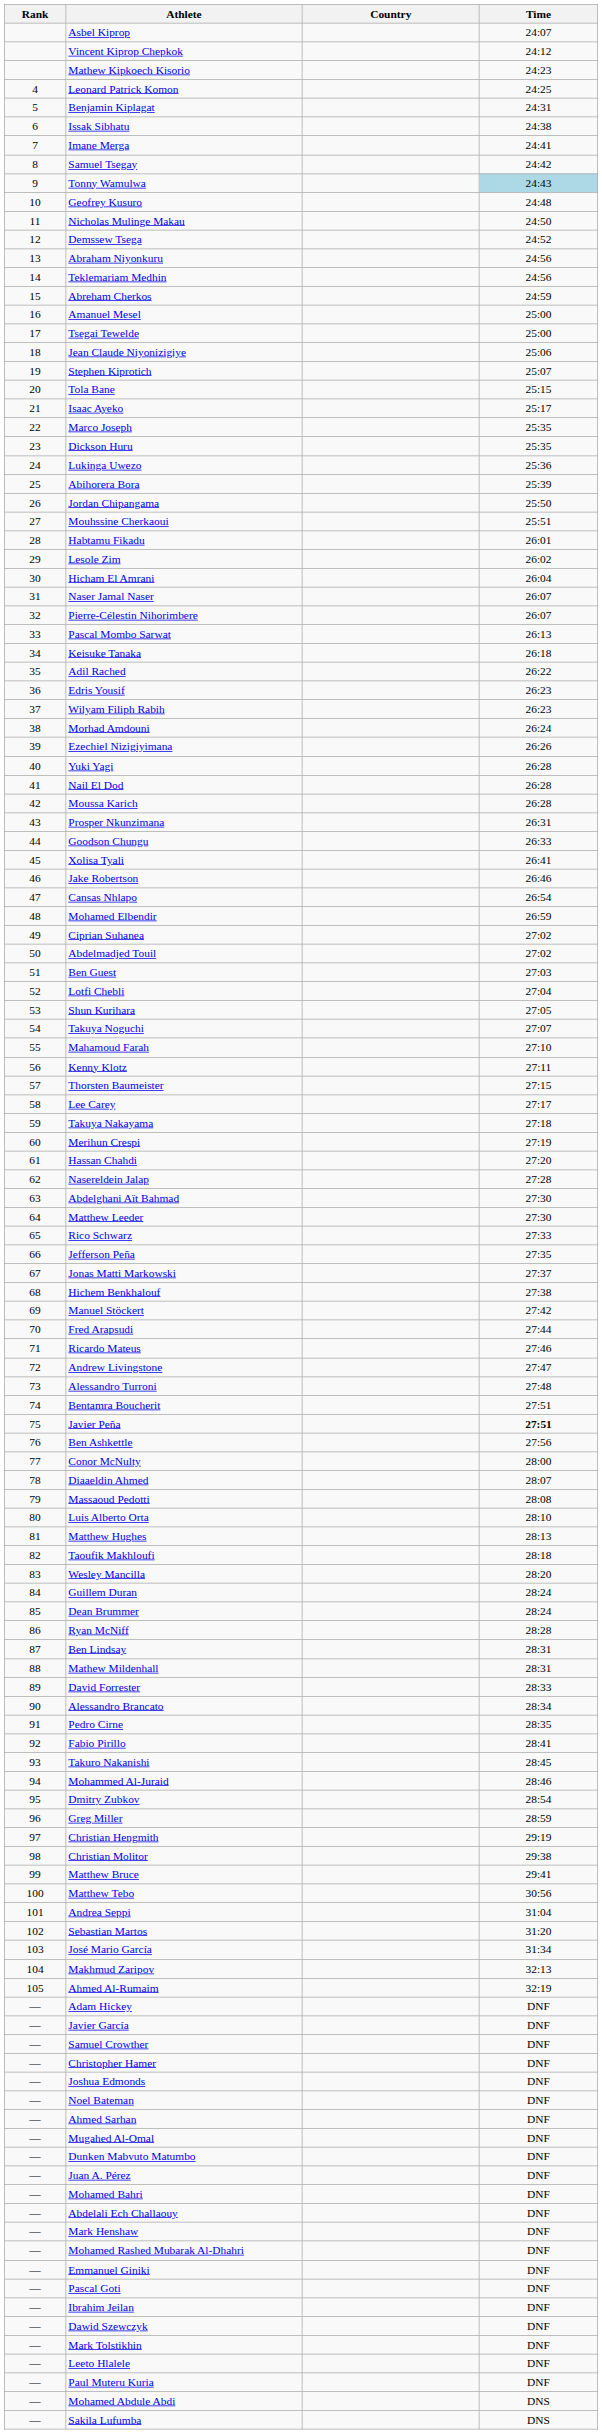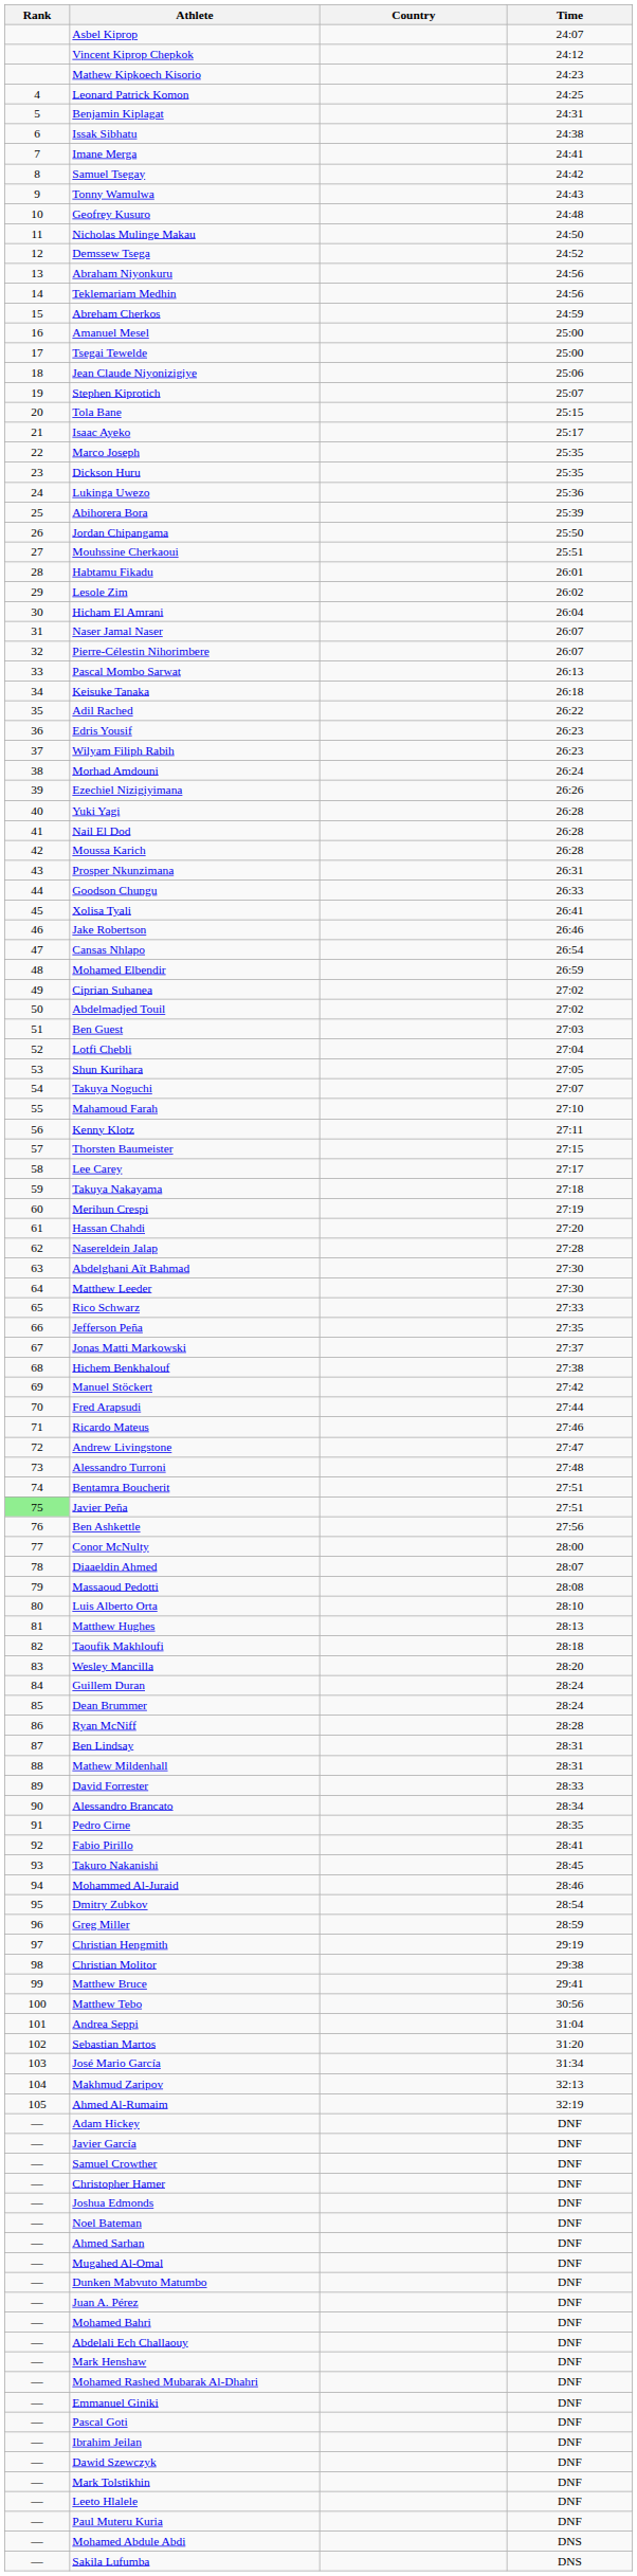 <table class="wikitable sortable" style=" text-align:center; font-size:95%;" width="50%">
 <tr>
 <th width=5%>Rank</th>
 <th width=20%>Athlete</th>
 <th width=15%>Country</th>
 <th width=10%>Time</th>
 </tr>
 <tr>
 <td align=center></td>
 <td align=left><a href='#'>Asbel Kiprop</a></td>
 <td align=left></td>
 <td>24:07</td>
 </tr>
 <tr>
 <td align=center></td>
 <td align=left><a href='#'>Vincent Kiprop Chepkok</a></td>
 <td align=left></td>
 <td>24:12</td>
 </tr>
 <tr>
 <td align=center></td>
 <td align=left><a href='#'>Mathew Kipkoech Kisorio</a></td>
 <td align=left></td>
 <td>24:23</td>
 </tr>
 <tr>
 <td align=center>4</td>
 <td align=left><a href='#'>Leonard Patrick Komon</a></td>
 <td align=left></td>
 <td>24:25</td>
 </tr>
 <tr>
 <td align=center>5</td>
 <td align=left><a href='#'>Benjamin Kiplagat</a></td>
 <td align=left></td>
 <td>24:31</td>
 </tr>
 <tr>
 <td align=center>6</td>
 <td align=left><a href='#'>Issak Sibhatu</a></td>
 <td align=left></td>
 <td>24:38</td>
 </tr>
 <tr>
 <td align=center>7</td>
 <td align=left><a href='#'>Imane Merga</a></td>
 <td align=left></td>
 <td>24:41</td>
 </tr>
 <tr>
 <td align=center>8</td>
 <td align=left><a href='#'>Samuel Tsegay</a></td>
 <td align=left></td>
 <td>24:42</td>
 </tr>
 <tr>
 <td align=center>9</td>
 <td align=left><a href='#'>Tonny Wamulwa</a></td>
 <td align=left></td>
-<td style="background: lightblue;">24:43</td>
+<td>24:43</td>
 </tr>
 <tr>
 <td align=center>10</td>
 <td align=left><a href='#'>Geofrey Kusuro</a></td>
 <td align=left></td>
 <td>24:48</td>
 </tr>
 <tr>
 <td align=center>11</td>
 <td align=left><a href='#'>Nicholas Mulinge Makau</a></td>
 <td align=left></td>
 <td>24:50</td>
 </tr>
 <tr>
 <td align=center>12</td>
 <td align=left><a href='#'>Demssew Tsega</a></td>
 <td align=left></td>
 <td>24:52</td>
 </tr>
 <tr>
 <td align=center>13</td>
 <td align=left><a href='#'>Abraham Niyonkuru</a></td>
 <td align=left></td>
 <td>24:56</td>
 </tr>
 <tr>
 <td align=center>14</td>
 <td align=left><a href='#'>Teklemariam Medhin</a></td>
 <td align=left></td>
 <td>24:56</td>
 </tr>
 <tr>
 <td align=center>15</td>
 <td align=left><a href='#'>Abreham Cherkos</a></td>
 <td align=left></td>
 <td>24:59</td>
 </tr>
 <tr>
 <td align=center>16</td>
 <td align=left><a href='#'>Amanuel Mesel</a></td>
 <td align=left></td>
 <td>25:00</td>
 </tr>
 <tr>
 <td align=center>17</td>
 <td align=left><a href='#'>Tsegai Tewelde</a></td>
 <td align=left></td>
 <td>25:00</td>
 </tr>
 <tr>
 <td align=center>18</td>
 <td align=left><a href='#'>Jean Claude Niyonizigiye</a></td>
 <td align=left></td>
 <td>25:06</td>
 </tr>
 <tr>
 <td align=center>19</td>
 <td align=left><a href='#'>Stephen Kiprotich</a></td>
 <td align=left></td>
 <td>25:07</td>
 </tr>
 <tr>
 <td align=center>20</td>
 <td align=left><a href='#'>Tola Bane</a></td>
 <td align=left></td>
 <td>25:15</td>
 </tr>
 <tr>
 <td align=center>21</td>
 <td align=left><a href='#'>Isaac Ayeko</a></td>
 <td align=left></td>
 <td>25:17</td>
 </tr>
 <tr>
 <td align=center>22</td>
 <td align=left><a href='#'>Marco Joseph</a></td>
 <td align=left></td>
 <td>25:35</td>
 </tr>
 <tr>
 <td align=center>23</td>
 <td align=left><a href='#'>Dickson Huru</a></td>
 <td align=left></td>
 <td>25:35</td>
 </tr>
 <tr>
 <td align=center>24</td>
 <td align=left><a href='#'>Lukinga Uwezo</a></td>
 <td align=left></td>
 <td>25:36</td>
 </tr>
 <tr>
 <td align=center>25</td>
 <td align=left><a href='#'>Abihorera Bora</a></td>
 <td align=left></td>
 <td>25:39</td>
 </tr>
 <tr>
 <td align=center>26</td>
 <td align=left><a href='#'>Jordan Chipangama</a></td>
 <td align=left></td>
 <td>25:50</td>
 </tr>
 <tr>
 <td align=center>27</td>
 <td align=left><a href='#'>Mouhssine Cherkaoui</a></td>
 <td align=left></td>
 <td>25:51</td>
 </tr>
 <tr>
 <td align=center>28</td>
 <td align=left><a href='#'>Habtamu Fikadu</a></td>
 <td align=left></td>
 <td>26:01</td>
 </tr>
 <tr>
 <td align=center>29</td>
 <td align=left><a href='#'>Lesole Zim</a></td>
 <td align=left></td>
 <td>26:02</td>
 </tr>
 <tr>
 <td align=center>30</td>
 <td align=left><a href='#'>Hicham El Amrani</a></td>
 <td align=left></td>
 <td>26:04</td>
 </tr>
 <tr>
 <td align=center>31</td>
 <td align=left><a href='#'>Naser Jamal Naser</a></td>
 <td align=left></td>
 <td>26:07</td>
 </tr>
 <tr>
 <td align=center>32</td>
 <td align=left><a href='#'>Pierre-Célestin Nihorimbere</a></td>
 <td align=left></td>
 <td>26:07</td>
 </tr>
 <tr>
 <td align=center>33</td>
 <td align=left><a href='#'>Pascal Mombo Sarwat</a></td>
 <td align=left></td>
 <td>26:13</td>
 </tr>
 <tr>
 <td align=center>34</td>
 <td align=left><a href='#'>Keisuke Tanaka</a></td>
 <td align=left></td>
 <td>26:18</td>
 </tr>
 <tr>
 <td align=center>35</td>
 <td align=left><a href='#'>Adil Rached</a></td>
 <td align=left></td>
 <td>26:22</td>
 </tr>
 <tr>
 <td align=center>36</td>
 <td align=left><a href='#'>Edris Yousif</a></td>
 <td align=left></td>
 <td>26:23</td>
 </tr>
 <tr>
 <td align=center>37</td>
 <td align=left><a href='#'>Wilyam Filiph Rabih</a></td>
 <td align=left></td>
 <td>26:23</td>
 </tr>
 <tr>
 <td align=center>38</td>
 <td align=left><a href='#'>Morhad Amdouni</a></td>
 <td align=left></td>
 <td>26:24</td>
 </tr>
 <tr>
 <td align=center>39</td>
 <td align=left><a href='#'>Ezechiel Nizigiyimana</a></td>
 <td align=left></td>
 <td>26:26</td>
 </tr>
 <tr>
 <td align=center>40</td>
 <td align=left><a href='#'>Yuki Yagi</a></td>
 <td align=left></td>
 <td>26:28</td>
 </tr>
 <tr>
 <td align=center>41</td>
 <td align=left><a href='#'>Nail El Dod</a></td>
 <td align=left></td>
 <td>26:28</td>
 </tr>
 <tr>
 <td align=center>42</td>
 <td align=left><a href='#'>Moussa Karich</a></td>
 <td align=left></td>
 <td>26:28</td>
 </tr>
 <tr>
 <td align=center>43</td>
 <td align=left><a href='#'>Prosper Nkunzimana</a></td>
 <td align=left></td>
 <td>26:31</td>
 </tr>
 <tr>
 <td align=center>44</td>
 <td align=left><a href='#'>Goodson Chungu</a></td>
 <td align=left></td>
 <td>26:33</td>
 </tr>
 <tr>
 <td align=center>45</td>
 <td align=left><a href='#'>Xolisa Tyali</a></td>
 <td align=left></td>
 <td>26:41</td>
 </tr>
 <tr>
 <td align=center>46</td>
 <td align=left><a href='#'>Jake Robertson</a></td>
 <td align=left></td>
 <td>26:46</td>
 </tr>
 <tr>
 <td align=center>47</td>
 <td align=left><a href='#'>Cansas Nhlapo</a></td>
 <td align=left></td>
 <td>26:54</td>
 </tr>
 <tr>
 <td align=center>48</td>
 <td align=left><a href='#'>Mohamed Elbendir</a></td>
 <td align=left></td>
 <td>26:59</td>
 </tr>
 <tr>
 <td align=center>49</td>
 <td align=left><a href='#'>Ciprian Suhanea</a></td>
 <td align=left></td>
 <td>27:02</td>
 </tr>
 <tr>
 <td align=center>50</td>
 <td align=left><a href='#'>Abdelmadjed Touil</a></td>
 <td align=left></td>
 <td>27:02</td>
 </tr>
 <tr>
 <td align=center>51</td>
 <td align=left><a href='#'>Ben Guest</a></td>
 <td align=left></td>
 <td>27:03</td>
 </tr>
 <tr>
 <td align=center>52</td>
 <td align=left><a href='#'>Lotfi Chebli</a></td>
 <td align=left></td>
 <td>27:04</td>
 </tr>
 <tr>
 <td align=center>53</td>
 <td align=left><a href='#'>Shun Kurihara</a></td>
 <td align=left></td>
 <td>27:05</td>
 </tr>
 <tr>
 <td align=center>54</td>
 <td align=left><a href='#'>Takuya Noguchi</a></td>
 <td align=left></td>
 <td>27:07</td>
 </tr>
 <tr>
 <td align=center>55</td>
 <td align=left><a href='#'>Mahamoud Farah</a></td>
 <td align=left></td>
 <td>27:10</td>
 </tr>
 <tr>
 <td align=center>56</td>
 <td align=left><a href='#'>Kenny Klotz</a></td>
 <td align=left></td>
 <td>27:11</td>
 </tr>
 <tr>
 <td align=center>57</td>
 <td align=left><a href='#'>Thorsten Baumeister</a></td>
 <td align=left></td>
 <td>27:15</td>
 </tr>
 <tr>
 <td align=center>58</td>
 <td align=left><a href='#'>Lee Carey</a></td>
 <td align=left></td>
 <td>27:17</td>
 </tr>
 <tr>
 <td align=center>59</td>
 <td align=left><a href='#'>Takuya Nakayama</a></td>
 <td align=left></td>
 <td>27:18</td>
 </tr>
 <tr>
 <td align=center>60</td>
 <td align=left><a href='#'>Merihun Crespi</a></td>
 <td align=left></td>
 <td>27:19</td>
 </tr>
 <tr>
 <td align=center>61</td>
 <td align=left><a href='#'>Hassan Chahdi</a></td>
 <td align=left></td>
 <td>27:20</td>
 </tr>
 <tr>
 <td align=center>62</td>
 <td align=left><a href='#'>Nasereldein Jalap</a></td>
 <td align=left></td>
 <td>27:28</td>
 </tr>
 <tr>
 <td align=center>63</td>
 <td align=left><a href='#'>Abdelghani Aït Bahmad</a></td>
 <td align=left></td>
 <td>27:30</td>
 </tr>
 <tr>
 <td align=center>64</td>
 <td align=left><a href='#'>Matthew Leeder</a></td>
 <td align=left></td>
 <td>27:30</td>
 </tr>
 <tr>
 <td align=center>65</td>
 <td align=left><a href='#'>Rico Schwarz</a></td>
 <td align=left></td>
 <td>27:33</td>
 </tr>
 <tr>
 <td align=center>66</td>
 <td align=left><a href='#'>Jefferson Peña</a></td>
 <td align=left></td>
 <td>27:35</td>
 </tr>
 <tr>
 <td align=center>67</td>
 <td align=left><a href='#'>Jonas Matti Markowski</a></td>
 <td align=left></td>
 <td>27:37</td>
 </tr>
 <tr>
 <td align=center>68</td>
 <td align=left><a href='#'>Hichem Benkhalouf</a></td>
 <td align=left></td>
 <td>27:38</td>
 </tr>
 <tr>
 <td align=center>69</td>
 <td align=left><a href='#'>Manuel Stöckert</a></td>
 <td align=left></td>
 <td>27:42</td>
 </tr>
 <tr>
 <td align=center>70</td>
 <td align=left><a href='#'>Fred Arapsudi</a></td>
 <td align=left></td>
 <td>27:44</td>
 </tr>
 <tr>
 <td align=center>71</td>
 <td align=left><a href='#'>Ricardo Mateus</a></td>
 <td align=left></td>
 <td>27:46</td>
 </tr>
 <tr>
 <td align=center>72</td>
 <td align=left><a href='#'>Andrew Livingstone</a></td>
 <td align=left></td>
 <td>27:47</td>
 </tr>
 <tr>
 <td align=center>73</td>
 <td align=left><a href='#'>Alessandro Turroni</a></td>
 <td align=left></td>
 <td>27:48</td>
 </tr>
 <tr>
 <td align=center>74</td>
 <td align=left><a href='#'>Bentamra Boucherit</a></td>
 <td align=left></td>
 <td>27:51</td>
 </tr>
 <tr>
-<td align=center>75</td>
+<td align=center style="background: lightgreen;">75</td>
 <td align=left><a href='#'>Javier Peña</a></td>
 <td align=left></td>
-<td><strong>27:51</strong></td>
+<td>27:51</td>
 </tr>
 <tr>
 <td align=center>76</td>
 <td align=left><a href='#'>Ben Ashkettle</a></td>
 <td align=left></td>
 <td>27:56</td>
 </tr>
 <tr>
 <td align=center>77</td>
 <td align=left><a href='#'>Conor McNulty</a></td>
 <td align=left></td>
 <td>28:00</td>
 </tr>
 <tr>
 <td align=center>78</td>
 <td align=left><a href='#'>Diaaeldin Ahmed</a></td>
 <td align=left></td>
 <td>28:07</td>
 </tr>
 <tr>
 <td align=center>79</td>
 <td align=left><a href='#'>Massaoud Pedotti</a></td>
 <td align=left></td>
 <td>28:08</td>
 </tr>
 <tr>
 <td align=center>80</td>
 <td align=left><a href='#'>Luis Alberto Orta</a></td>
 <td align=left></td>
 <td>28:10</td>
 </tr>
 <tr>
 <td align=center>81</td>
 <td align=left><a href='#'>Matthew Hughes</a></td>
 <td align=left></td>
 <td>28:13</td>
 </tr>
 <tr>
 <td align=center>82</td>
 <td align=left><a href='#'>Taoufik Makhloufi</a></td>
 <td align=left></td>
 <td>28:18</td>
 </tr>
 <tr>
 <td align=center>83</td>
 <td align=left><a href='#'>Wesley Mancilla</a></td>
 <td align=left></td>
 <td>28:20</td>
 </tr>
 <tr>
 <td align=center>84</td>
 <td align=left><a href='#'>Guillem Duran</a></td>
 <td align=left></td>
 <td>28:24</td>
 </tr>
 <tr>
 <td align=center>85</td>
 <td align=left><a href='#'>Dean Brummer</a></td>
 <td align=left></td>
 <td>28:24</td>
 </tr>
 <tr>
 <td align=center>86</td>
 <td align=left><a href='#'>Ryan McNiff</a></td>
 <td align=left></td>
 <td>28:28</td>
 </tr>
 <tr>
 <td align=center>87</td>
 <td align=left><a href='#'>Ben Lindsay</a></td>
 <td align=left></td>
 <td>28:31</td>
 </tr>
 <tr>
 <td align=center>88</td>
 <td align=left><a href='#'>Mathew Mildenhall</a></td>
 <td align=left></td>
 <td>28:31</td>
 </tr>
 <tr>
 <td align=center>89</td>
 <td align=left><a href='#'>David Forrester</a></td>
 <td align=left></td>
 <td>28:33</td>
 </tr>
 <tr>
 <td align=center>90</td>
 <td align=left><a href='#'>Alessandro Brancato</a></td>
 <td align=left></td>
 <td>28:34</td>
 </tr>
 <tr>
 <td align=center>91</td>
 <td align=left><a href='#'>Pedro Cirne</a></td>
 <td align=left></td>
 <td>28:35</td>
 </tr>
 <tr>
 <td align=center>92</td>
 <td align=left><a href='#'>Fabio Pirillo</a></td>
 <td align=left></td>
 <td>28:41</td>
 </tr>
 <tr>
 <td align=center>93</td>
 <td align=left><a href='#'>Takuro Nakanishi</a></td>
 <td align=left></td>
 <td>28:45</td>
 </tr>
 <tr>
 <td align=center>94</td>
 <td align=left><a href='#'>Mohammed Al-Juraid</a></td>
 <td align=left></td>
 <td>28:46</td>
 </tr>
 <tr>
 <td align=center>95</td>
 <td align=left><a href='#'>Dmitry Zubkov</a></td>
 <td align=left></td>
 <td>28:54</td>
 </tr>
 <tr>
 <td align=center>96</td>
 <td align=left><a href='#'>Greg Miller</a></td>
 <td align=left></td>
 <td>28:59</td>
 </tr>
 <tr>
 <td align=center>97</td>
 <td align=left><a href='#'>Christian Hengmith</a></td>
 <td align=left></td>
 <td>29:19</td>
 </tr>
 <tr>
 <td align=center>98</td>
 <td align=left><a href='#'>Christian Molitor</a></td>
 <td align=left></td>
 <td>29:38</td>
 </tr>
 <tr>
 <td align=center>99</td>
 <td align=left><a href='#'>Matthew Bruce</a></td>
 <td align=left></td>
 <td>29:41</td>
 </tr>
 <tr>
 <td align=center>100</td>
 <td align=left><a href='#'>Matthew Tebo</a></td>
 <td align=left></td>
 <td>30:56</td>
 </tr>
 <tr>
 <td align=center>101</td>
 <td align=left><a href='#'>Andrea Seppi</a></td>
 <td align=left></td>
 <td>31:04</td>
 </tr>
 <tr>
 <td align=center>102</td>
 <td align=left><a href='#'>Sebastian Martos</a></td>
 <td align=left></td>
 <td>31:20</td>
 </tr>
 <tr>
 <td align=center>103</td>
 <td align=left><a href='#'>José Mario García</a></td>
 <td align=left></td>
 <td>31:34</td>
 </tr>
 <tr>
 <td align=center>104</td>
 <td align=left><a href='#'>Makhmud Zaripov</a></td>
 <td align=left></td>
 <td>32:13</td>
 </tr>
 <tr>
 <td align=center>105</td>
 <td align=left><a href='#'>Ahmed Al-Rumaim</a></td>
 <td align=left></td>
 <td>32:19</td>
 </tr>
 <tr>
 <td align=center>—</td>
 <td align=left><a href='#'>Adam Hickey</a></td>
 <td align=left></td>
 <td>DNF</td>
 </tr>
 <tr>
 <td align=center>—</td>
 <td align=left><a href='#'>Javier García</a></td>
 <td align=left></td>
 <td>DNF</td>
 </tr>
 <tr>
 <td align=center>—</td>
 <td align=left><a href='#'>Samuel Crowther</a></td>
 <td align=left></td>
 <td>DNF</td>
 </tr>
 <tr>
 <td align=center>—</td>
 <td align=left><a href='#'>Christopher Hamer</a></td>
 <td align=left></td>
 <td>DNF</td>
 </tr>
 <tr>
 <td align=center>—</td>
 <td align=left><a href='#'>Joshua Edmonds</a></td>
 <td align=left></td>
 <td>DNF</td>
 </tr>
 <tr>
 <td align=center>—</td>
 <td align=left><a href='#'>Noel Bateman</a></td>
 <td align=left></td>
 <td>DNF</td>
 </tr>
 <tr>
 <td align=center>—</td>
 <td align=left><a href='#'>Ahmed Sarhan</a></td>
 <td align=left></td>
 <td>DNF</td>
 </tr>
 <tr>
 <td align=center>—</td>
 <td align=left><a href='#'>Mugahed Al-Omal</a></td>
 <td align=left></td>
 <td>DNF</td>
 </tr>
 <tr>
 <td align=center>—</td>
 <td align=left><a href='#'>Dunken Mabvuto Matumbo</a></td>
 <td align=left></td>
 <td>DNF</td>
 </tr>
 <tr>
 <td align=center>—</td>
 <td align=left><a href='#'>Juan A. Pérez</a></td>
 <td align=left></td>
 <td>DNF</td>
 </tr>
 <tr>
 <td align=center>—</td>
 <td align=left><a href='#'>Mohamed Bahri</a></td>
 <td align=left></td>
 <td>DNF</td>
 </tr>
 <tr>
 <td align=center>—</td>
 <td align=left><a href='#'>Abdelali Ech Challaouy</a></td>
 <td align=left></td>
 <td>DNF</td>
 </tr>
 <tr>
 <td align=center>—</td>
 <td align=left><a href='#'>Mark Henshaw</a></td>
 <td align=left></td>
 <td>DNF</td>
 </tr>
 <tr>
 <td align=center>—</td>
 <td align=left><a href='#'>Mohamed Rashed Mubarak Al-Dhahri</a></td>
 <td align=left></td>
 <td>DNF</td>
 </tr>
 <tr>
 <td align=center>—</td>
 <td align=left><a href='#'>Emmanuel Giniki</a></td>
 <td align=left></td>
 <td>DNF</td>
 </tr>
 <tr>
 <td align=center>—</td>
 <td align=left><a href='#'>Pascal Goti</a></td>
 <td align=left></td>
 <td>DNF</td>
 </tr>
 <tr>
 <td align=center>—</td>
 <td align=left><a href='#'>Ibrahim Jeilan</a></td>
 <td align=left></td>
 <td>DNF</td>
 </tr>
 <tr>
 <td align=center>—</td>
 <td align=left><a href='#'>Dawid Szewczyk</a></td>
 <td align=left></td>
 <td>DNF</td>
 </tr>
 <tr>
 <td align=center>—</td>
 <td align=left><a href='#'>Mark Tolstikhin</a></td>
 <td align=left></td>
 <td>DNF</td>
 </tr>
 <tr>
 <td align=center>—</td>
 <td align=left><a href='#'>Leeto Hlalele</a></td>
 <td align=left></td>
 <td>DNF</td>
 </tr>
 <tr>
 <td align=center>—</td>
 <td align=left><a href='#'>Paul Muteru Kuria</a></td>
 <td align=left></td>
 <td>DNF</td>
 </tr>
 <tr>
 <td align=center>—</td>
 <td align=left><a href='#'>Mohamed Abdule Abdi</a></td>
 <td align=left></td>
 <td>DNS</td>
 </tr>
 <tr>
 <td align=center>—</td>
 <td align=left><a href='#'>Sakila Lufumba</a></td>
 <td align=left></td>
 <td>DNS</td>
 </tr>
 </table>
